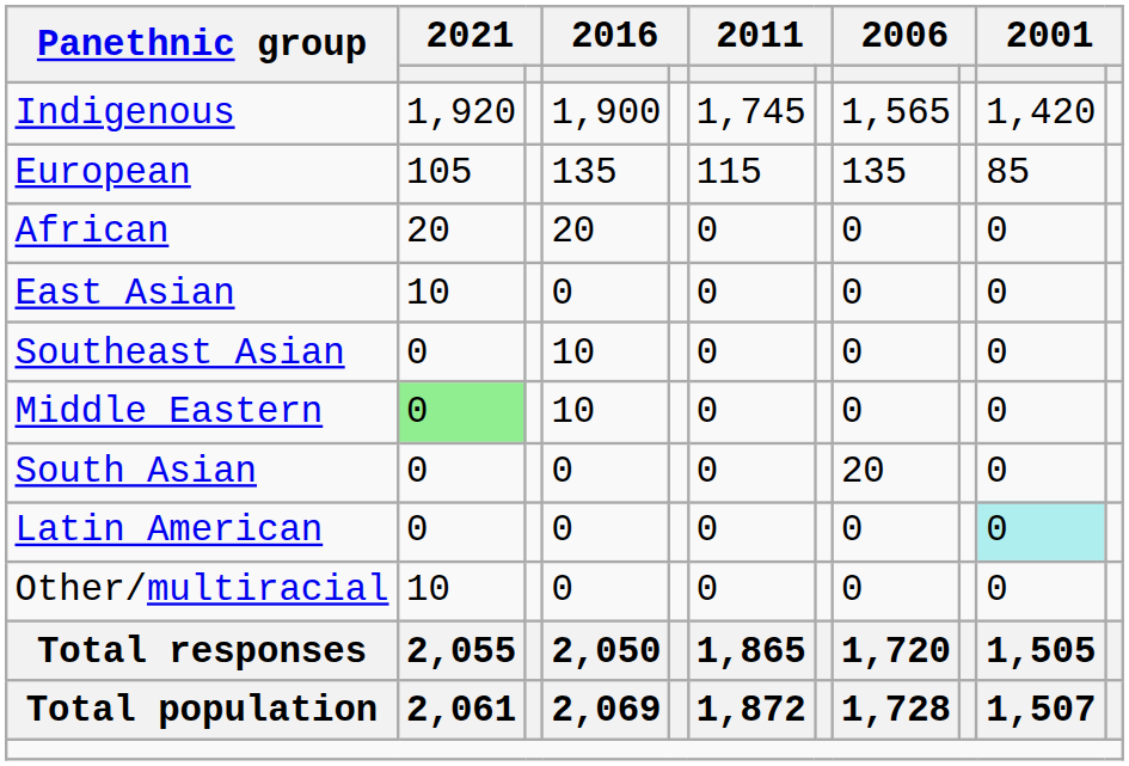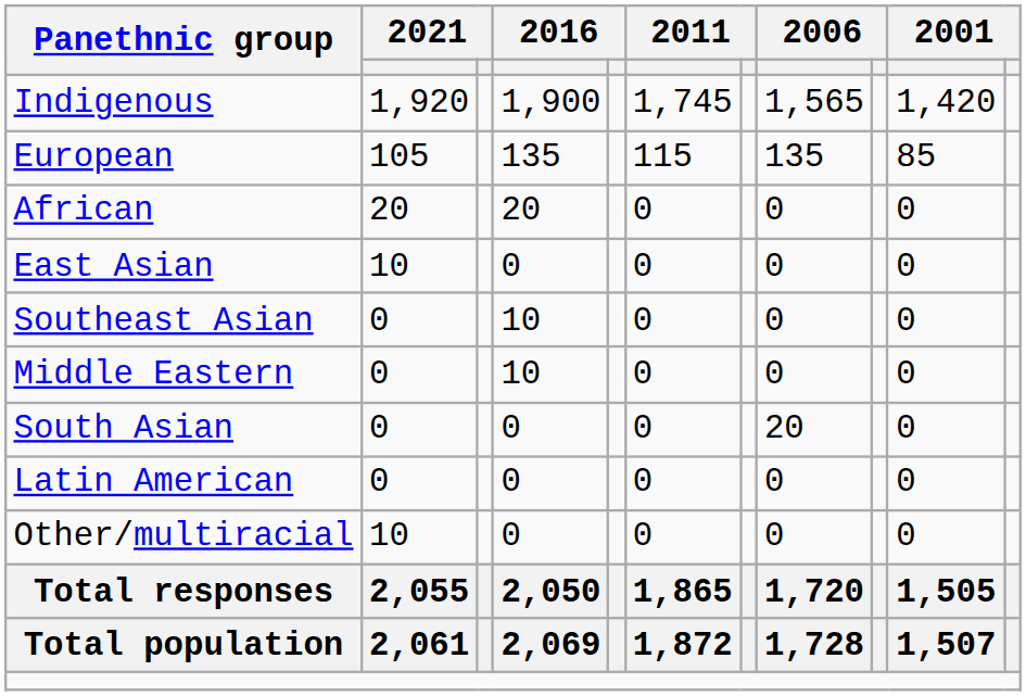 <table class="wikitable collapsible sortable">
 <tr>
 <th rowspan="2"><a href='#'>Panethnic</a> group</th>
 <th colspan="2">2021</th>
 <th colspan="2">2016</th>
 <th colspan="2">2011</th>
 <th colspan="2">2006</th>
 <th colspan="2">2001</th>
 </tr>
 <tr>
 <th><a href='#'></a></th>
 <th></th>
 <th></th>
 <th></th>
 <th></th>
 <th></th>
 <th></th>
 <th></th>
 <th></th>
 <th></th>
 </tr>
 <tr>
 <td><a href='#'>Indigenous</a></td>
 <td>1,920</td>
 <td></td>
 <td>1,900</td>
 <td></td>
 <td>1,745</td>
 <td></td>
 <td>1,565</td>
 <td></td>
 <td>1,420</td>
 <td></td>
 </tr>
 <tr>
 <td><a href='#'>European</a></td>
 <td>105</td>
 <td></td>
 <td>135</td>
 <td></td>
 <td>115</td>
 <td></td>
 <td>135</td>
 <td></td>
 <td>85</td>
 <td></td>
 </tr>
 <tr>
 <td><a href='#'>African</a></td>
 <td>20</td>
 <td></td>
 <td>20</td>
 <td></td>
 <td>0</td>
 <td></td>
 <td>0</td>
 <td></td>
 <td>0</td>
 <td></td>
 </tr>
 <tr>
 <td><a href='#'>East Asian</a></td>
 <td>10</td>
 <td></td>
 <td>0</td>
 <td></td>
 <td>0</td>
 <td></td>
 <td>0</td>
 <td></td>
 <td>0</td>
 <td></td>
 </tr>
 <tr>
 <td><a href='#'>Southeast Asian</a></td>
 <td>0</td>
 <td></td>
 <td>10</td>
 <td></td>
 <td>0</td>
 <td></td>
 <td>0</td>
 <td></td>
 <td>0</td>
 <td></td>
 </tr>
 <tr>
 <td><a href='#'>Middle Eastern</a></td>
-<td style="background: lightgreen;">0</td>
+<td>0</td>
 <td></td>
 <td>10</td>
 <td></td>
 <td>0</td>
 <td></td>
 <td>0</td>
 <td></td>
 <td>0</td>
 <td></td>
 </tr>
 <tr>
 <td><a href='#'>South Asian</a></td>
 <td>0</td>
 <td></td>
 <td>0</td>
 <td></td>
 <td>0</td>
 <td></td>
 <td>20</td>
 <td></td>
 <td>0</td>
 <td></td>
 </tr>
 <tr>
 <td><a href='#'>Latin American</a></td>
 <td>0</td>
 <td></td>
 <td>0</td>
 <td></td>
 <td>0</td>
 <td></td>
 <td>0</td>
 <td></td>
-<td style="background: paleturquoise;">0</td>
+<td>0</td>
 <td></td>
 </tr>
 <tr>
 <td>Other/<a href='#'>multiracial</a></td>
 <td>10</td>
 <td></td>
 <td>0</td>
 <td></td>
 <td>0</td>
 <td></td>
 <td>0</td>
 <td></td>
 <td>0</td>
 <td></td>
 </tr>
 <tr>
 <th>Total responses</th>
 <th>2,055</th>
 <th></th>
 <th>2,050</th>
 <th></th>
 <th>1,865</th>
 <th></th>
 <th>1,720</th>
 <th></th>
 <th>1,505</th>
 <th></th>
 </tr>
 <tr class="sortbottom">
 <th>Total population</th>
 <th>2,061</th>
 <th></th>
 <th>2,069</th>
 <th></th>
 <th>1,872</th>
 <th></th>
 <th>1,728</th>
 <th></th>
 <th>1,507</th>
 <th></th>
 </tr>
 <tr class="sortbottom">
 <td colspan="11"></td>
 </tr>
 </table>
